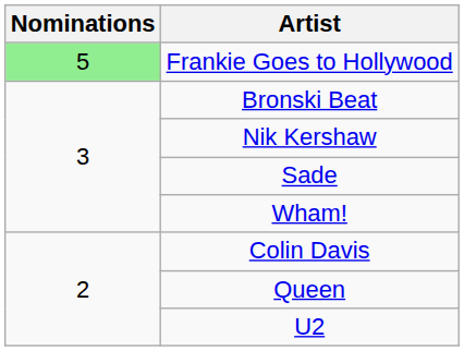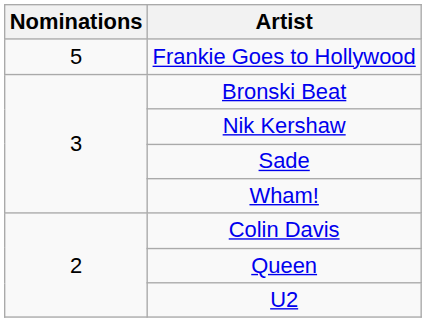 <table class="wikitable" rowspan="2" style="text-align:center;">
 <tr>
 <th scope="col" style="width:55px;">Nominations</th>
 <th scope="col" style="text-align:center;">Artist</th>
 </tr>
 <tr>
-<td style="background: lightgreen;">5</td>
+<td>5</td>
 <td><a href='#'>Frankie Goes to Hollywood</a></td>
 </tr>
 <tr>
 <td rowspan="4">3</td>
 <td><a href='#'>Bronski Beat</a></td>
 </tr>
 <tr>
 <td><a href='#'>Nik Kershaw</a></td>
 </tr>
 <tr>
 <td><a href='#'>Sade</a></td>
 </tr>
 <tr>
 <td><a href='#'>Wham!</a></td>
 </tr>
 <tr>
 <td rowspan="3">2</td>
 <td><a href='#'>Colin Davis</a></td>
 </tr>
 <tr>
 <td><a href='#'>Queen</a></td>
 </tr>
 <tr>
 <td><a href='#'>U2</a></td>
 </tr>
 </table>
